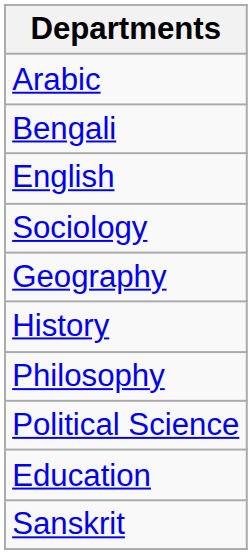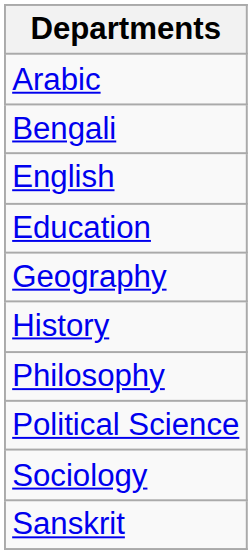 <table class="wikitable sortable">
 <tr>
 <th>Departments</th>
 </tr>
 <tr>
 <td><a href='#'>Arabic</a></td>
 </tr>
 <tr>
 <td><a href='#'>Bengali</a></td>
 </tr>
 <tr>
 <td><a href='#'>English</a></td>
 </tr>
 <tr>
-<td><a href='#'>Sociology</a></td>
+<td><a href='#'>Education</a></td>
 </tr>
 <tr>
 <td><a href='#'>Geography</a></td>
 </tr>
 <tr>
 <td><a href='#'>History</a></td>
 </tr>
 <tr>
 <td><a href='#'>Philosophy</a></td>
 </tr>
 <tr>
 <td><a href='#'>Political Science</a></td>
 </tr>
 <tr>
-<td><a href='#'>Education</a></td>
+<td><a href='#'>Sociology</a></td>
 </tr>
 <tr>
 <td><a href='#'>Sanskrit</a></td>
 </tr>
 </table>
